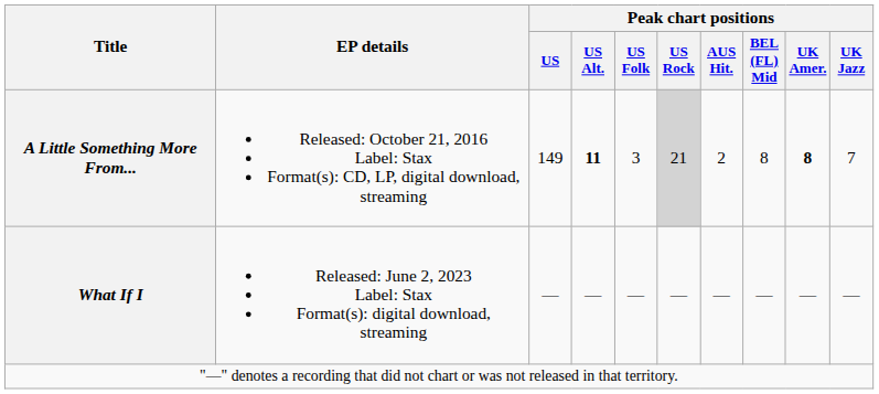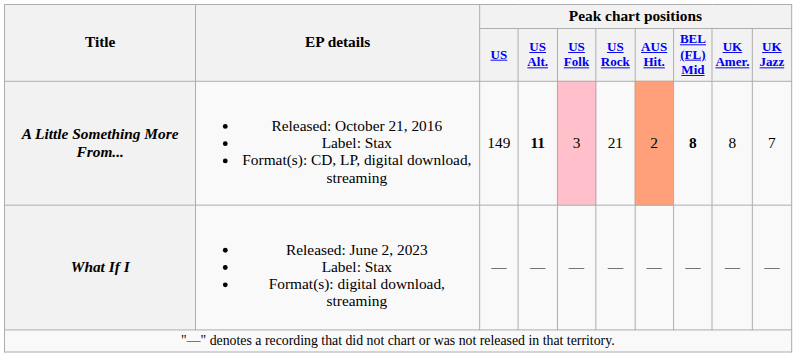 <table class="wikitable plainrowheaders" style="text-align:center;">
 <tr>
 <th scope="col" rowspan="2" style="width:12em;">Title</th>
 <th scope="col" rowspan="2" style="width:18em;">EP details</th>
 <th scope="col" colspan="8">Peak chart positions</th>
 </tr>
 <tr>
 <th scope="col" style="width:2.5em;font-size:85%;"><a href='#'>US</a><br></th>
 <th scope="col" style="width:2.5em;font-size:85%;"><a href='#'>US<br>Alt.</a><br></th>
 <th scope="col" style="width:2.5em;font-size:85%;"><a href='#'>US<br>Folk</a><br></th>
 <th scope="col" style="width:2.5em;font-size:85%;"><a href='#'>US<br>Rock</a><br></th>
 <th scope="col" style="width:2.5em;font-size:85%;"><a href='#'>AUS<br>Hit.</a><br></th>
 <th scope="col" style="width:2.5em;font-size:85%;"><a href='#'>BEL<br>(FL)<br>Mid</a><br></th>
 <th scope="col" style="width:2.5em;font-size:85%;"><a href='#'>UK<br>Amer.</a><br></th>
 <th scope="col" style="width:2.5em;font-size:85%;"><a href='#'>UK<br>Jazz</a><br></th>
 </tr>
 <tr>
 <th scope="row"><em>A Little Something More From...</em></th>
 <td><br><ul><li>Released: October 21, 2016</li><li>Label: Stax</li><li>Format(s): CD, LP, digital download, streaming</li></ul></td>
 <td>149</td>
 <td><strong>11</strong></td>
-<td>3</td>
-<td style="background: lightgrey;">21</td>
-<td>2</td>
+<td style="background: pink;">3</td>
+<td>21</td>
+<td style="background: lightsalmon;">2</td>
+<td><strong>8</strong></td>
 <td>8</td>
-<td><strong>8</strong></td>
 <td>7</td>
 </tr>
 <tr>
 <th scope="row"><em>What If I</em></th>
 <td><br><ul><li>Released: June 2, 2023</li><li>Label: Stax</li><li>Format(s): digital download, streaming</li></ul></td>
 <td>—</td>
 <td>—</td>
 <td>—</td>
 <td>—</td>
 <td>—</td>
 <td>—</td>
 <td>—</td>
 <td>—</td>
 </tr>
 <tr>
 <td colspan="15" style="font-size:90%">"—" denotes a recording that did not chart or was not released in that territory.</td>
 </tr>
 </table>
